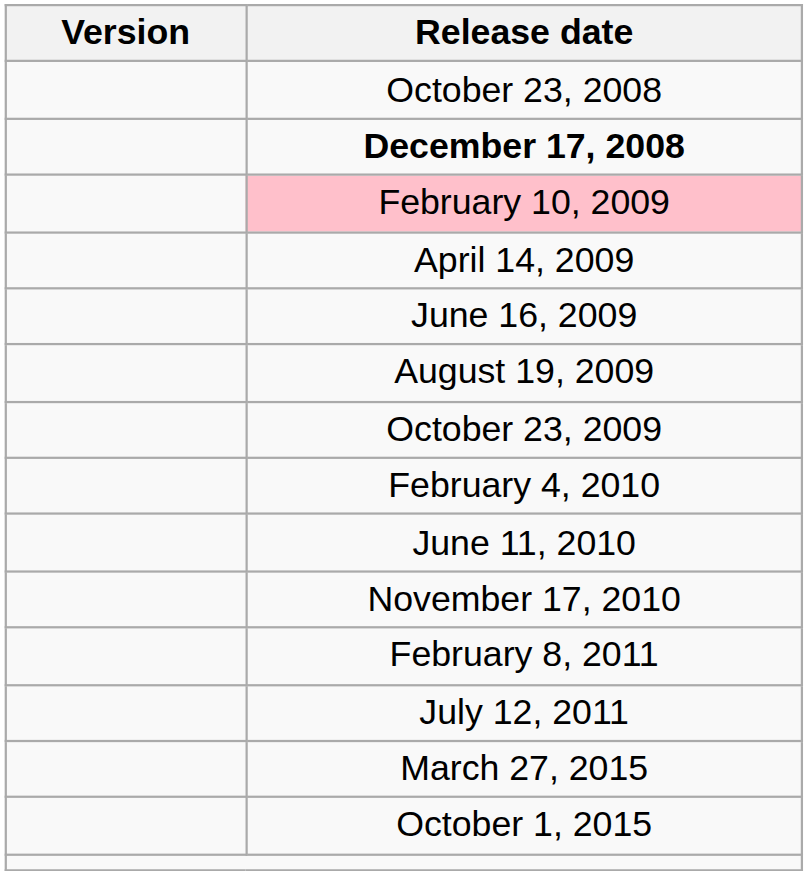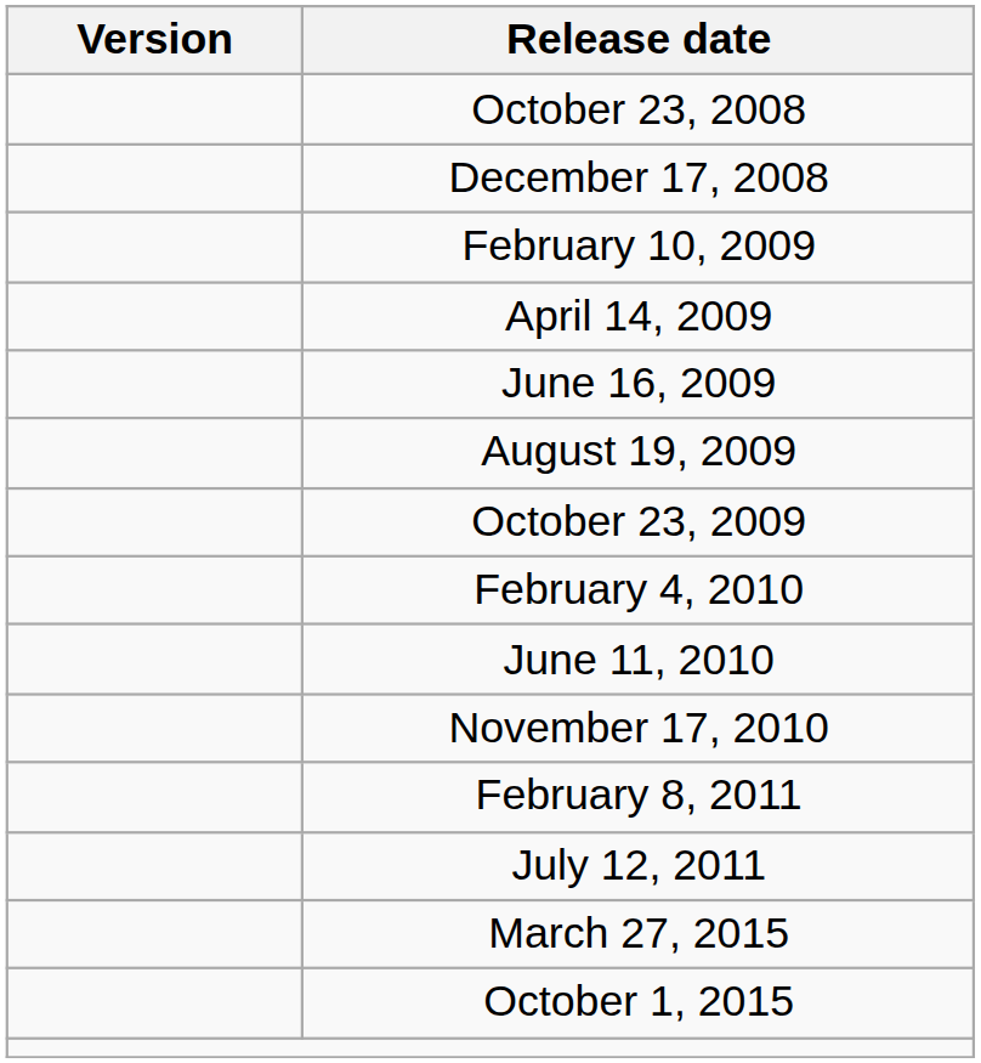 <table class="wikitable floatright" style="text-align:center; width: 22.4em; clear: right; margin: 0.5em 0 0.5em 1em;">
 <tr>
 <th>Version</th>
 <th>Release date</th>
 </tr>
 <tr>
 <td></td>
 <td>October 23, 2008</td>
 </tr>
 <tr>
 <td></td>
-<td><strong>December 17, 2008</strong></td>
+<td>December 17, 2008</td>
 </tr>
 <tr>
 <td></td>
-<td style="background: pink;">February 10, 2009</td>
+<td>February 10, 2009</td>
 </tr>
 <tr>
 <td></td>
 <td>April 14, 2009</td>
 </tr>
 <tr>
 <td></td>
 <td>June 16, 2009</td>
 </tr>
 <tr>
 <td></td>
 <td>August 19, 2009</td>
 </tr>
 <tr>
 <td></td>
 <td>October 23, 2009</td>
 </tr>
 <tr>
 <td></td>
 <td>February 4, 2010</td>
 </tr>
 <tr>
 <td></td>
 <td>June 11, 2010</td>
 </tr>
 <tr>
 <td></td>
 <td>November 17, 2010</td>
 </tr>
 <tr>
 <td></td>
 <td>February 8, 2011</td>
 </tr>
 <tr>
 <td></td>
 <td>July 12, 2011</td>
 </tr>
 <tr>
 <td></td>
 <td>March 27, 2015</td>
 </tr>
 <tr>
 <td></td>
 <td>October 1, 2015</td>
 </tr>
 <tr>
 <td colspan="99"><small></small></td>
 </tr>
 </table>
